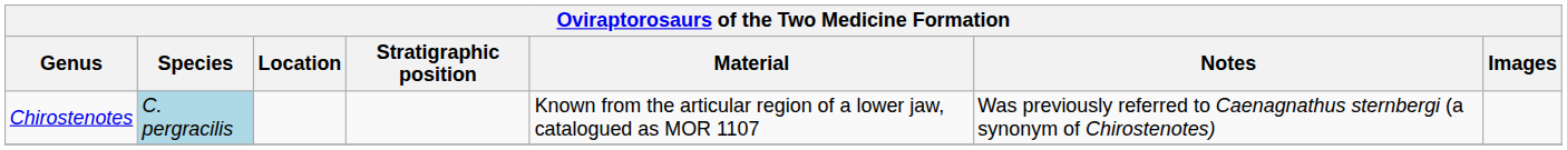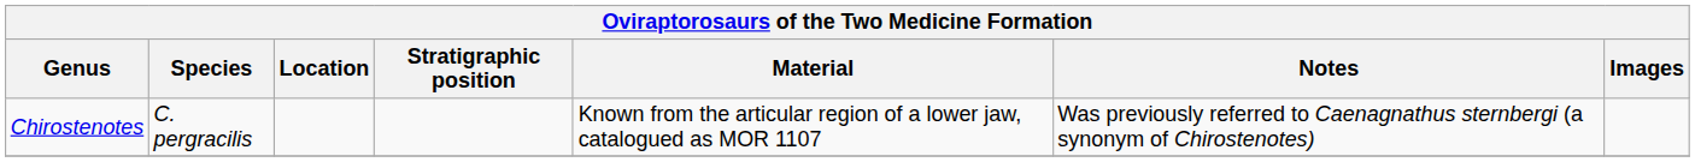 <table class="wikitable" align="center">
 <tr>
 <th colspan="7" align="center"><strong><a href='#'>Oviraptorosaurs</a> of the Two Medicine Formation</strong></th>
 </tr>
 <tr>
 <th>Genus</th>
 <th>Species</th>
 <th>Location</th>
 <th>Stratigraphic position</th>
 <th>Material</th>
 <th>Notes</th>
 <th>Images</th>
 </tr>
 <tr>
 <td><em><a href='#'>Chirostenotes</a></em></td>
-<td style="background: lightblue;"><em>C. pergracilis</em></td>
+<td><em>C. pergracilis</em></td>
 <td></td>
 <td></td>
 <td>Known from the articular region of a lower jaw, catalogued as MOR 1107</td>
 <td>Was previously referred to <em>Caenagnathus sternbergi</em> (a synonym of <em>Chirostenotes)</em></td>
 <td></td>
 </tr>
 <tr>
 </tr>
 </table>
